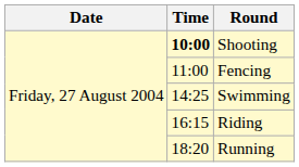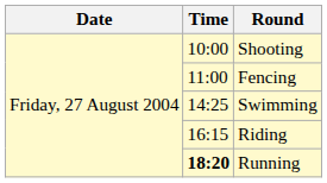 <table class="wikitable">
 <tr>
 <th>Date</th>
 <th>Time</th>
 <th>Round</th>
 </tr>
 <tr style="background:lemonchiffon">
 <td rowspan=5>Friday, 27 August 2004</td>
-<td><strong>10:00</strong></td>
+<td>10:00</td>
 <td>Shooting</td>
 </tr>
 <tr style="background:lemonchiffon">
 <td>11:00</td>
 <td>Fencing</td>
 </tr>
 <tr style="background:lemonchiffon">
 <td>14:25</td>
 <td>Swimming</td>
 </tr>
 <tr style="background:lemonchiffon">
 <td>16:15</td>
 <td>Riding</td>
 </tr>
 <tr style="background:lemonchiffon">
-<td>18:20</td>
+<td><strong>18:20</strong></td>
 <td>Running</td>
 </tr>
 </table>
